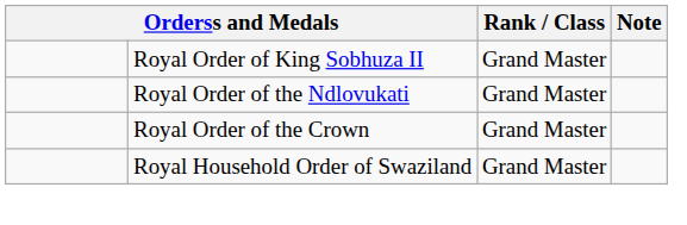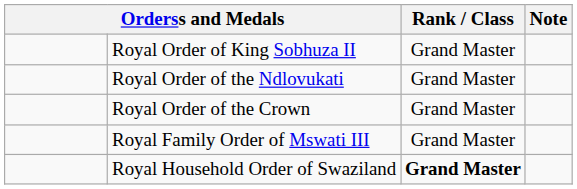 <table class="wikitable" style="text-align:left;">
 <tr ->
 <th colspan=2><a href='#'>Orders</a>s and Medals</th>
 <th>Rank / Class</th>
 <th>Note</th>
 </tr>
 <tr>
 <td width="80px"></td>
 <td>Royal Order of King <a href='#'>Sobhuza II</a></td>
 <td align="center">Grand Master</td>
 <td></td>
 </tr>
 <tr>
 <td width="80px"></td>
 <td>Royal Order of the <a href='#'>Ndlovukati</a></td>
 <td align="center">Grand Master</td>
 <td></td>
 </tr>
 <tr>
 <td width="80px"></td>
 <td>Royal Order of the Crown</td>
 <td align="center">Grand Master</td>
 <td></td>
 </tr>
 <tr>
 <td width="80px"></td>
-<td>Royal Household Order of Swaziland</td>
+<td>Royal Family Order of <a href='#'>Mswati III</a></td>
 <td align="center">Grand Master</td>
 <td></td>
 </tr>
+<tr>
+<td width="80px"></td>
+<td>Royal Household Order of Swaziland</td>
+<td align="center"><strong>Grand Master</strong></td>
+<td></td>
+</tr>
 </table>
